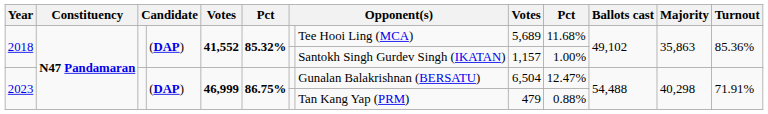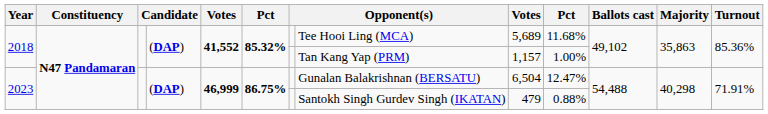 <table class="wikitable" style="margin:0.5em ; font-size:95%">
 <tr>
 <th>Year</th>
 <th>Constituency</th>
 <th colspan="2">Candidate</th>
 <th>Votes</th>
 <th>Pct</th>
 <th colspan="2">Opponent(s)</th>
 <th>Votes</th>
 <th>Pct</th>
 <th>Ballots cast</th>
 <th>Majority</th>
 <th>Turnout</th>
 </tr>
 <tr>
 <td rowspan=2><a href='#'>2018</a></td>
 <td rowspan=4><strong>N47 <a href='#'>Pandamaran</a></strong></td>
 <td rowspan=2 ></td>
 <td rowspan=2><strong></strong> (<a href='#'><strong>DAP</strong></a>)</td>
 <td rowspan=2 align=right><strong>41,552</strong></td>
 <td rowspan=2><strong>85.32%</strong></td>
 <td></td>
 <td>Tee Hooi Ling (<a href='#'>MCA</a>)</td>
 <td align=right>5,689</td>
 <td>11.68%</td>
 <td rowspan=2>49,102</td>
 <td rowspan=2>35,863</td>
 <td rowspan=2>85.36%</td>
 </tr>
 <tr>
 <td></td>
-<td>Santokh Singh Gurdev Singh (<a href='#'>IKATAN</a>)</td>
+<td>Tan Kang Yap (<a href='#'>PRM</a>)</td>
 <td align=right>1,157</td>
 <td align=right>1.00%</td>
 </tr>
 <tr>
 <td rowspan=2><a href='#'>2023</a></td>
 <td rowspan=2 ></td>
 <td rowspan=2><strong></strong> (<a href='#'><strong>DAP</strong></a>)</td>
 <td rowspan=2 align=right><strong>46,999</strong></td>
 <td rowspan=2><strong>86.75%</strong></td>
 <td bgcolor=></td>
 <td>Gunalan Balakrishnan (<a href='#'>BERSATU</a>)</td>
 <td align=right>6,504</td>
 <td>12.47%</td>
 <td rowspan=2>54,488</td>
 <td rowspan=2>40,298</td>
 <td rowspan=2>71.91%</td>
 </tr>
 <tr>
 <td bgcolor=></td>
-<td>Tan Kang Yap (<a href='#'>PRM</a>)</td>
+<td>Santokh Singh Gurdev Singh (<a href='#'>IKATAN</a>)</td>
 <td align=right>479</td>
 <td align=right>0.88%</td>
 </tr>
 </table>
